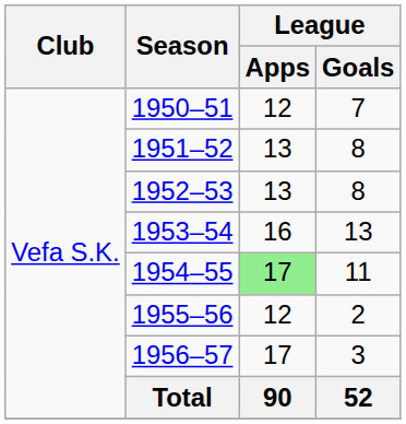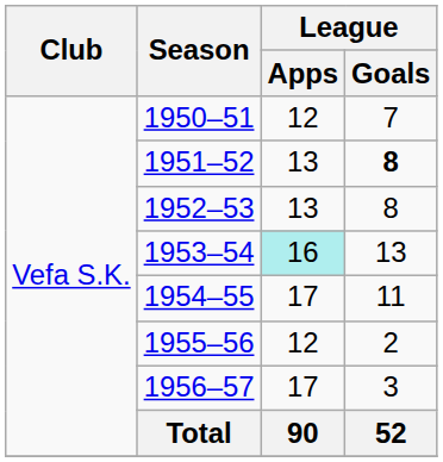 <table class="wikitable" style="text-align: center;">
 <tr>
 <th rowspan="2">Club</th>
 <th rowspan="2">Season</th>
 <th colspan="2">League</th>
 </tr>
 <tr>
 <th>Apps</th>
 <th>Goals</th>
 </tr>
 <tr>
 <td rowspan="8" valign="center"><a href='#'>Vefa S.K.</a></td>
 <td><a href='#'>1950–51</a></td>
 <td>12</td>
 <td>7</td>
 </tr>
 <tr>
 <td><a href='#'>1951–52</a></td>
 <td>13</td>
-<td>8</td>
+<td><strong>8</strong></td>
 </tr>
 <tr>
 <td><a href='#'>1952–53</a></td>
 <td>13</td>
 <td>8</td>
 </tr>
 <tr>
 <td><a href='#'>1953–54</a></td>
-<td>16</td>
+<td style="background: paleturquoise;">16</td>
 <td>13</td>
 </tr>
 <tr>
 <td><a href='#'>1954–55</a></td>
-<td style="background: lightgreen;">17</td>
+<td>17</td>
 <td>11</td>
 </tr>
 <tr>
 <td><a href='#'>1955–56</a></td>
 <td>12</td>
 <td>2</td>
 </tr>
 <tr>
 <td><a href='#'>1956–57</a></td>
 <td>17</td>
 <td>3</td>
 </tr>
 <tr>
 <th>Total</th>
 <th>90</th>
 <th>52</th>
 </tr>
 <tr>
 </tr>
 </table>
